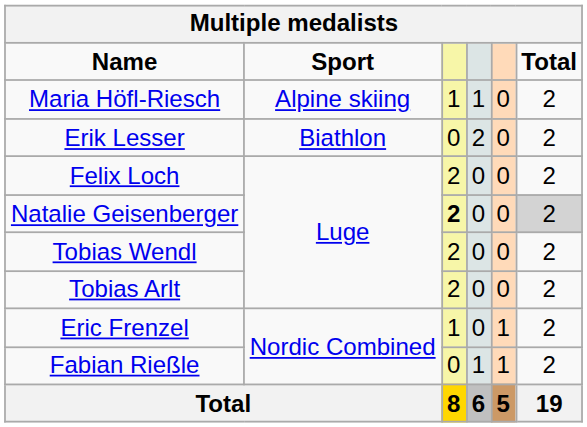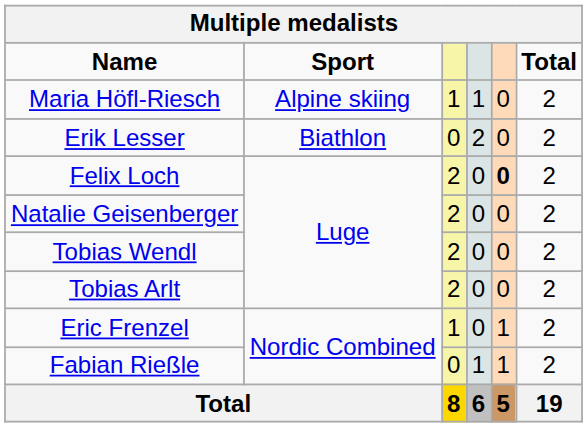 <table class="wikitable" style="font-size:85%; float:right;clear:right;">
 <tr style="background:#efefef;">
 <th colspan=7>Multiple medalists</th>
 </tr>
 <tr align=center>
 <td><strong>Name</strong></td>
 <td><strong>Sport</strong></td>
 <td bgcolor=#f7f6a8></td>
 <td bgcolor=#dce5e5></td>
 <td bgcolor=#ffdab9></td>
 <td><strong>Total</strong></td>
 </tr>
 <tr align=center>
 <td><a href='#'>Maria Höfl-Riesch</a></td>
 <td><a href='#'>Alpine skiing</a></td>
 <td style="background:#f7f6a8;">1</td>
 <td style="background:#dce5e5;">1</td>
 <td style="background:#ffdab9;">0</td>
 <td>2</td>
 </tr>
 <tr align=center>
 <td><a href='#'>Erik Lesser</a></td>
 <td><a href='#'>Biathlon</a></td>
 <td style="background:#f7f6a8;">0</td>
 <td style="background:#dce5e5;">2</td>
 <td style="background:#ffdab9;">0</td>
 <td>2</td>
 </tr>
 <tr align=center>
 <td><a href='#'>Felix Loch</a></td>
 <td rowspan=4><a href='#'>Luge</a></td>
 <td style="background:#f7f6a8;">2</td>
 <td style="background:#dce5e5;">0</td>
-<td style="background:#ffdab9;">0</td>
+<td style="background:#ffdab9;"><strong>0</strong></td>
 <td>2</td>
 </tr>
 <tr align=center>
 <td><a href='#'>Natalie Geisenberger</a></td>
-<td style="background:#f7f6a8;"><strong>2</strong></td>
+<td style="background:#f7f6a8;">2</td>
 <td style="background:#dce5e5;">0</td>
 <td style="background:#ffdab9;">0</td>
-<td style="background: lightgrey;">2</td>
+<td>2</td>
 </tr>
 <tr align=center>
 <td><a href='#'>Tobias Wendl</a></td>
 <td style="background:#f7f6a8;">2</td>
 <td style="background:#dce5e5;">0</td>
 <td style="background:#ffdab9;">0</td>
 <td>2</td>
 </tr>
 <tr align=center>
 <td><a href='#'>Tobias Arlt</a></td>
 <td style="background:#f7f6a8;">2</td>
 <td style="background:#dce5e5;">0</td>
 <td style="background:#ffdab9;">0</td>
 <td>2</td>
 </tr>
 <tr align=center>
 <td><a href='#'>Eric Frenzel</a></td>
 <td rowspan=2><a href='#'>Nordic Combined</a></td>
 <td style="background:#f7f6a8;">1</td>
 <td style="background:#dce5e5;">0</td>
 <td style="background:#ffdab9;">1</td>
 <td>2</td>
 </tr>
 <tr align=center>
 <td><a href='#'>Fabian Rießle</a></td>
 <td style="background:#f7f6a8;">0</td>
 <td style="background:#dce5e5;">1</td>
 <td style="background:#ffdab9;">1</td>
 <td>2</td>
 </tr>
 <tr>
 <th colspan=2>Total</th>
 <th style="background:gold">8</th>
 <th style="background:silver">6</th>
 <th style="background:#c96">5</th>
 <th>19</th>
 </tr>
 </table>
